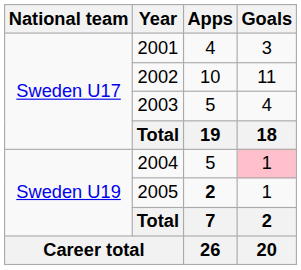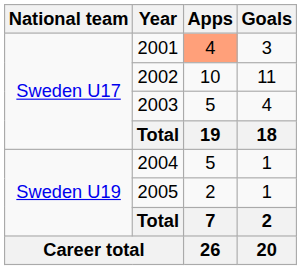 <table class="wikitable" style="text-align:center">
 <tr>
 <th>National team</th>
 <th>Year</th>
 <th>Apps</th>
 <th>Goals</th>
 </tr>
 <tr>
 <td rowspan="4"><a href='#'>Sweden U17</a></td>
 <td>2001</td>
-<td>4</td>
+<td style="background: lightsalmon;">4</td>
 <td>3</td>
 </tr>
 <tr>
 <td>2002</td>
 <td>10</td>
 <td>11</td>
 </tr>
 <tr>
 <td>2003</td>
 <td>5</td>
 <td>4</td>
 </tr>
 <tr>
 <th>Total</th>
 <th>19</th>
 <th>18</th>
 </tr>
 <tr>
 <td rowspan="3"><a href='#'>Sweden U19</a></td>
 <td>2004</td>
 <td>5</td>
-<td style="background: pink;">1</td>
+<td>1</td>
 </tr>
 <tr>
 <td>2005</td>
-<td><strong>2</strong></td>
+<td>2</td>
 <td>1</td>
 </tr>
 <tr>
 <th>Total</th>
 <th>7</th>
 <th>2</th>
 </tr>
 <tr>
 <th colspan="2">Career total</th>
 <th>26</th>
 <th>20</th>
 </tr>
 </table>
